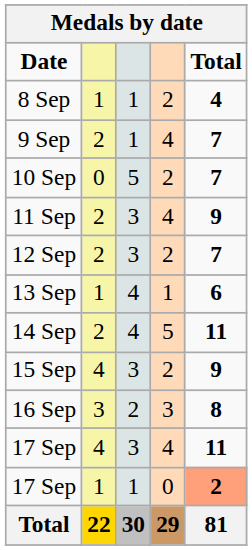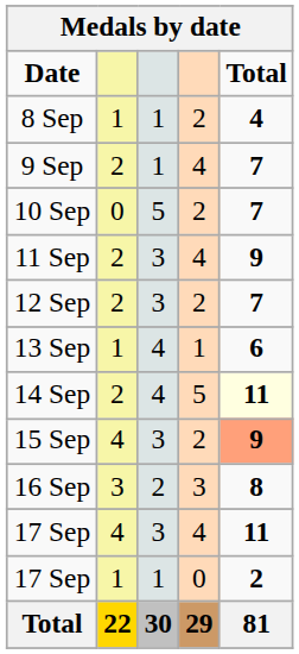 <table class="wikitable" style="font-size:85%; float:right">
 <tr bgcolor="#efefef">
 <th colspan=6>Medals by date</th>
 </tr>
 <tr align=center>
 <td><strong>Date</strong></td>
 <td bgcolor=#f7f6a8></td>
 <td bgcolor=#dce5e5></td>
 <td bgcolor=#ffdab9></td>
 <td><strong>Total</strong></td>
 </tr>
 <tr align=center>
 <td>8 Sep</td>
 <td style="background:#F7F6A8;">1</td>
 <td style="background:#DCE5E5;">1</td>
 <td style="background:#FFDAB9;">2</td>
 <td><strong>4</strong></td>
 </tr>
 <tr align=center>
 <td>9 Sep</td>
 <td style="background:#F7F6A8;">2</td>
 <td style="background:#DCE5E5;">1</td>
 <td style="background:#FFDAB9;">4</td>
 <td><strong>7</strong></td>
 </tr>
 <tr align=center>
 <td>10 Sep</td>
 <td style="background:#F7F6A8;">0</td>
 <td style="background:#DCE5E5;">5</td>
 <td style="background:#FFDAB9;">2</td>
 <td><strong>7</strong></td>
 </tr>
 <tr align=center>
 <td>11 Sep</td>
 <td style="background:#F7F6A8;">2</td>
 <td style="background:#DCE5E5;">3</td>
 <td style="background:#FFDAB9;">4</td>
 <td><strong>9</strong></td>
 </tr>
 <tr align=center>
 <td>12 Sep</td>
 <td style="background:#F7F6A8;">2</td>
 <td style="background:#DCE5E5;">3</td>
 <td style="background:#FFDAB9;">2</td>
 <td><strong>7</strong></td>
 </tr>
 <tr align=center>
 <td>13 Sep</td>
 <td style="background:#F7F6A8;">1</td>
 <td style="background:#DCE5E5;">4</td>
 <td style="background:#FFDAB9;">1</td>
 <td><strong>6</strong></td>
 </tr>
 <tr align=center>
 <td>14 Sep</td>
 <td style="background:#F7F6A8;">2</td>
 <td style="background:#DCE5E5;">4</td>
 <td style="background:#FFDAB9;">5</td>
-<td><strong>11</strong></td>
+<td style="background: lightyellow;"><strong>11</strong></td>
 </tr>
 <tr align=center>
 <td>15 Sep</td>
 <td style="background:#F7F6A8;">4</td>
 <td style="background:#DCE5E5;">3</td>
 <td style="background:#FFDAB9;">2</td>
-<td><strong>9</strong></td>
+<td style="background: lightsalmon;"><strong>9</strong></td>
 </tr>
 <tr align=center>
 <td>16 Sep</td>
 <td style="background:#F7F6A8;">3</td>
 <td style="background:#DCE5E5;">2</td>
 <td style="background:#FFDAB9;">3</td>
 <td><strong>8</strong></td>
 </tr>
 <tr align=center>
 <td>17 Sep</td>
 <td style="background:#F7F6A8;">4</td>
 <td style="background:#DCE5E5;">3</td>
 <td style="background:#FFDAB9;">4</td>
 <td><strong>11</strong></td>
 </tr>
 <tr align=center>
 <td>17 Sep</td>
 <td style="background:#F7F6A8;">1</td>
 <td style="background:#DCE5E5;">1</td>
 <td style="background:#FFDAB9;">0</td>
-<td style="background: lightsalmon;"><strong>2</strong></td>
+<td><strong>2</strong></td>
 </tr>
 <tr align=center>
 <th>Total</th>
 <th style="background:gold;">22</th>
 <th style="background:silver;">30</th>
 <th style="background:#c96;">29</th>
 <th>81</th>
 </tr>
 </table>
